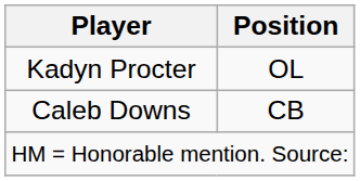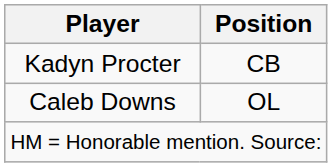 <table class="wikitable" style="text-align: center">
 <tr align=center>
 <th>Player</th>
 <th>Position</th>
 </tr>
 <tr>
 <td>Kadyn Procter</td>
-<td>OL</td>
+<td>CB</td>
 </tr>
 <tr>
 <td>Caleb Downs</td>
-<td>CB</td>
+<td>OL</td>
 </tr>
 <tr>
 <td colspan="3"><small>HM = Honorable mention. Source:  </small> </td>
 </tr>
 </table>
